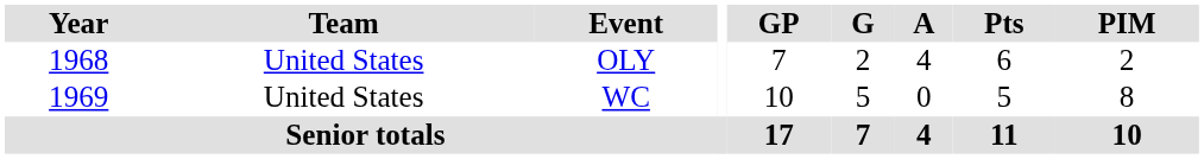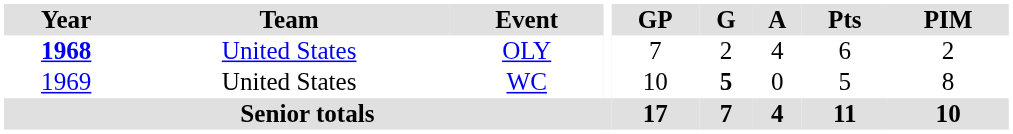 <table border="0" cellpadding="1" cellspacing="0" ID="Table3" style="text-align:center; width:40em">
 <tr bgcolor="#e0e0e0">
 <th>Year</th>
 <th>Team</th>
 <th>Event</th>
 <th rowspan="102" bgcolor="#ffffff"></th>
 <th>GP</th>
 <th>G</th>
 <th>A</th>
 <th>Pts</th>
 <th>PIM</th>
 </tr>
 <tr>
-<td><a href='#'>1968</a></td>
+<td><strong><a href='#'>1968</a></strong></td>
 <td><a href='#'>United States</a></td>
 <td><a href='#'>OLY</a></td>
 <td>7</td>
 <td>2</td>
 <td>4</td>
 <td>6</td>
 <td>2</td>
 </tr>
 <tr>
 <td><a href='#'>1969</a></td>
 <td>United States</td>
 <td><a href='#'>WC</a></td>
 <td>10</td>
-<td>5</td>
+<td><strong>5</strong></td>
 <td>0</td>
 <td>5</td>
 <td>8</td>
 </tr>
 <tr bgcolor="#e0e0e0">
 <th colspan="4">Senior totals</th>
 <th>17</th>
 <th>7</th>
 <th>4</th>
 <th>11</th>
 <th>10</th>
 </tr>
 </table>
